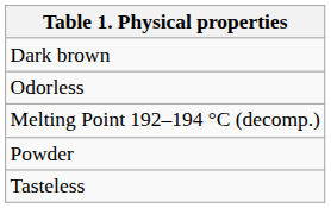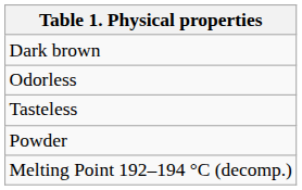 <table class="wikitable">
 <tr>
 <th>Table 1. Physical properties</th>
 </tr>
 <tr>
 <td>Dark brown</td>
 </tr>
 <tr>
 <td>Odorless</td>
 </tr>
 <tr>
-<td>Melting Point 192–194 °C (decomp.)</td>
+<td>Tasteless</td>
 </tr>
 <tr>
 <td>Powder</td>
 </tr>
 <tr>
-<td>Tasteless</td>
+<td>Melting Point 192–194 °C (decomp.)</td>
 </tr>
 </table>
